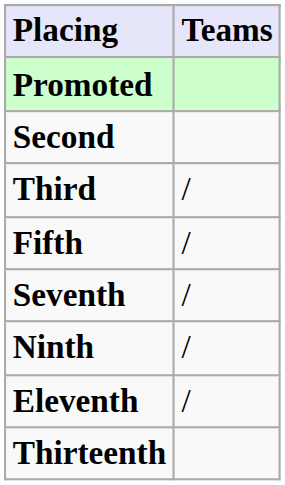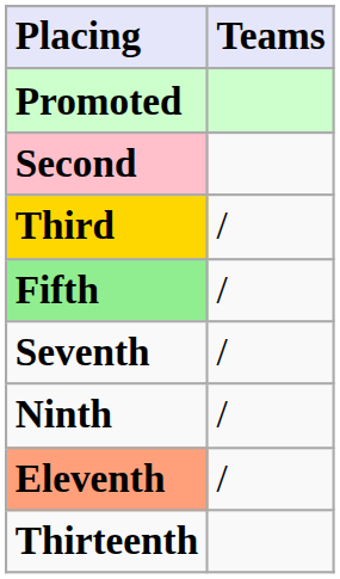 <table class=wikitable>
 <tr>
 </tr>
 <tr style="background: #E6E6FA;">
 <td><strong>Placing</strong></td>
 <td colspan="2" style="text-align:center"><strong>Teams</strong></td>
 </tr>
 <tr style="background: #ccffcc;">
 <td><strong>Promoted</strong></td>
 <td></td>
 </tr>
 <tr>
-<td><strong>Second</strong></td>
+<td style="background: pink;"><strong>Second</strong></td>
 <td></td>
 </tr>
 <tr>
-<td><strong>Third</strong></td>
+<td style="background: gold;"><strong>Third</strong></td>
 <td> / </td>
 </tr>
 <tr>
-<td><strong>Fifth</strong></td>
+<td style="background: lightgreen;"><strong>Fifth</strong></td>
 <td> / </td>
 </tr>
 <tr>
 <td><strong>Seventh</strong></td>
 <td> / </td>
 </tr>
 <tr>
 <td><strong>Ninth</strong></td>
 <td> / </td>
 </tr>
 <tr>
-<td><strong>Eleventh</strong></td>
+<td style="background: lightsalmon;"><strong>Eleventh</strong></td>
 <td> / </td>
 </tr>
 <tr>
 <td><strong>Thirteenth</strong></td>
 <td></td>
 </tr>
 </table>
